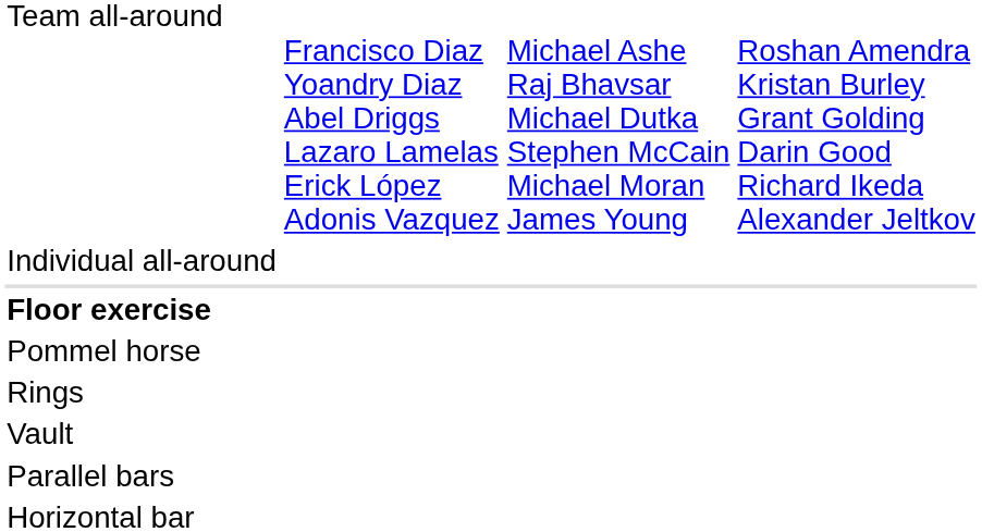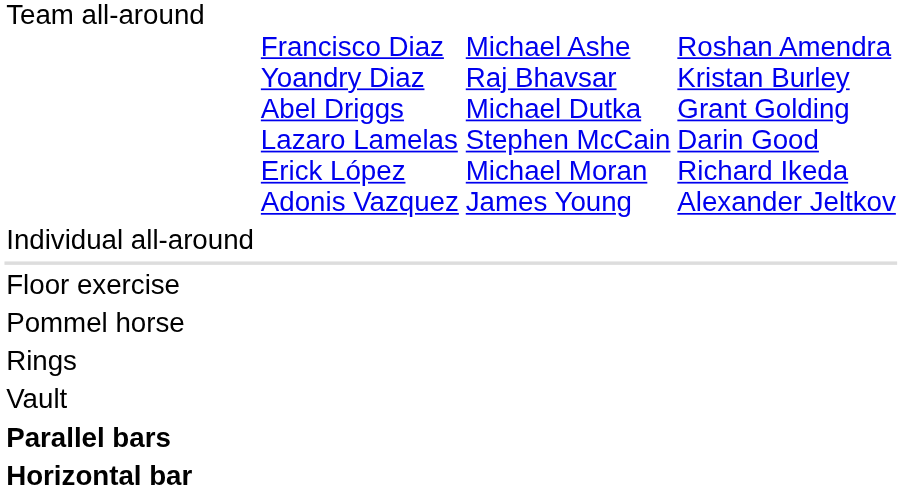 <table>
 <tr valign="top">
 <td>Team all-around<br></td>
 <td><br><a href='#'>Francisco Diaz</a><br><a href='#'>Yoandry Diaz</a><br><a href='#'>Abel Driggs</a><br><a href='#'>Lazaro Lamelas</a><br><a href='#'>Erick López</a><br><a href='#'>Adonis Vazquez</a></td>
 <td><br><a href='#'>Michael Ashe</a><br><a href='#'>Raj Bhavsar</a><br><a href='#'>Michael Dutka</a><br><a href='#'>Stephen McCain</a><br><a href='#'>Michael Moran</a><br><a href='#'>James Young</a></td>
 <td><br><a href='#'>Roshan Amendra</a><br><a href='#'>Kristan Burley</a><br><a href='#'>Grant Golding</a><br><a href='#'>Darin Good</a><br><a href='#'>Richard Ikeda</a><br><a href='#'>Alexander Jeltkov</a></td>
 </tr>
 <tr>
 <td>Individual all-around<br></td>
 <td></td>
 <td></td>
 <td></td>
 </tr>
 <tr bgcolor=#DDDDDD>
 <td colspan=7></td>
 </tr>
 <tr>
-<td><strong>Floor exercise<br></strong></td>
+<td>Floor exercise<br></td>
 <td></td>
 <td></td>
 <td></td>
 </tr>
 <tr>
 <td>Pommel horse<br></td>
 <td></td>
 <td></td>
 <td></td>
 </tr>
 <tr>
 <td>Rings<br></td>
 <td></td>
 <td></td>
 <td></td>
 </tr>
 <tr>
 <td>Vault<br></td>
 <td></td>
 <td></td>
 <td></td>
 </tr>
 <tr>
-<td>Parallel bars<br></td>
+<td><strong>Parallel bars<br></strong></td>
 <td></td>
 <td></td>
 <td></td>
 </tr>
 <tr>
-<td>Horizontal bar<br></td>
+<td><strong>Horizontal bar<br></strong></td>
 <td></td>
 <td></td>
 <td></td>
 </tr>
 </table>
